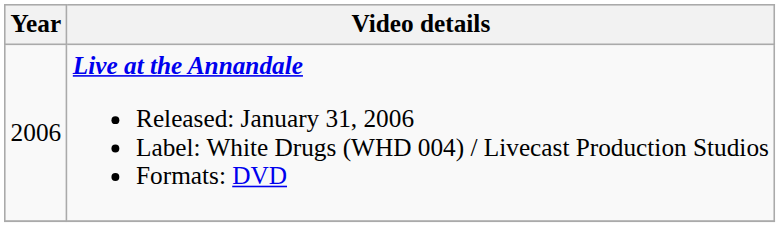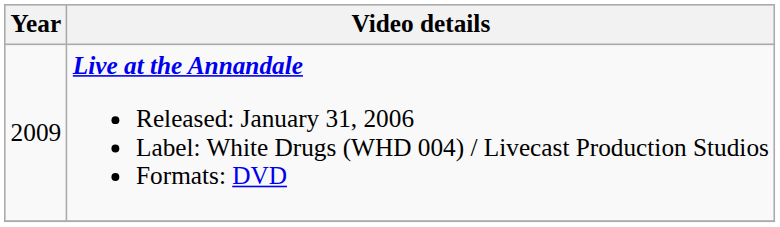 <table class ="wikitable">
 <tr>
 <th>Year</th>
 <th>Video details</th>
 </tr>
 <tr>
-<td>2006</td>
+<td>2009</td>
 <td><strong><em><a href='#'>Live at the Annandale</a></em></strong><br><ul><li>Released: January 31, 2006</li><li>Label: White Drugs (WHD 004) / Livecast Production Studios</li><li>Formats: <a href='#'>DVD</a></li></ul></td>
 </tr>
 <tr>
 </tr>
 </table>
